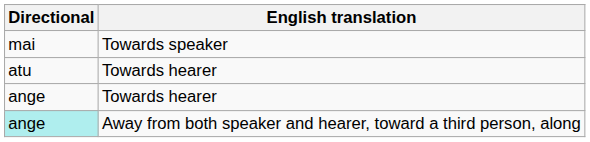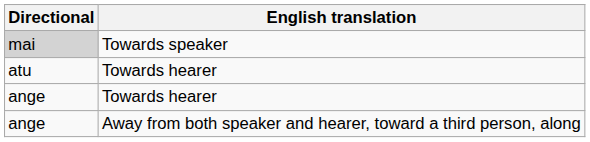 <table class="wikitable">
 <tr>
 <th>Directional</th>
 <th>English translation</th>
 </tr>
 <tr>
-<td>mai</td>
+<td style="background: lightgrey;">mai</td>
 <td>Towards speaker</td>
 </tr>
 <tr>
 <td>atu</td>
 <td>Towards hearer</td>
 </tr>
 <tr>
 <td>ange</td>
 <td>Towards hearer</td>
 </tr>
 <tr>
-<td style="background: paleturquoise;">ange</td>
+<td>ange</td>
 <td>Away from both speaker and hearer, toward a third person, along</td>
 </tr>
 </table>
